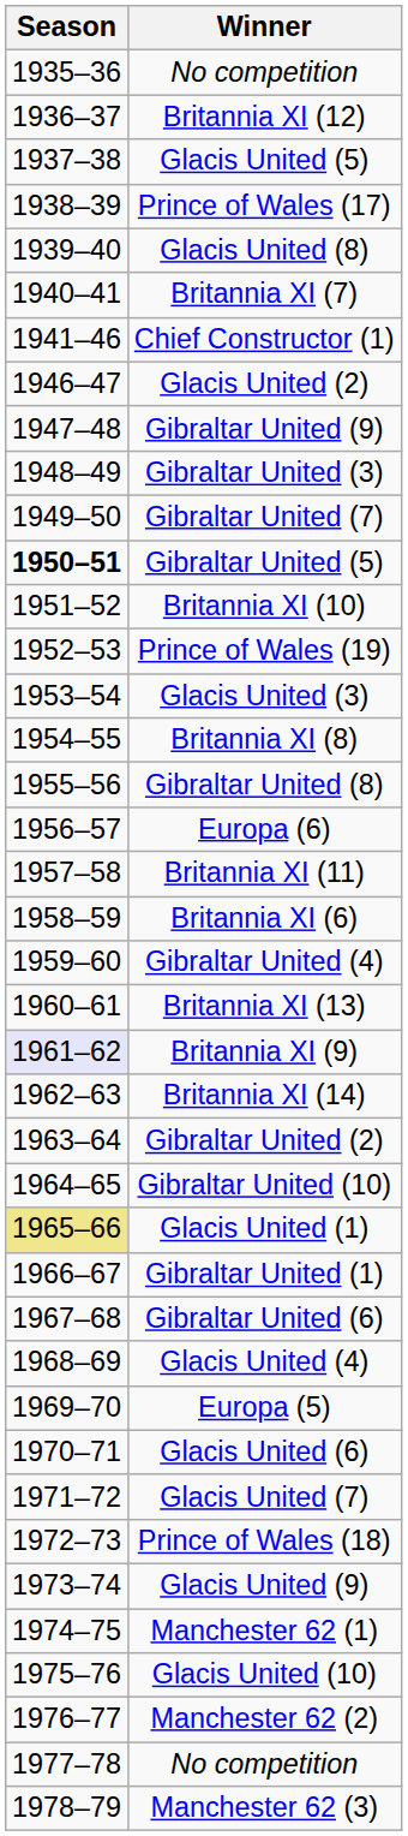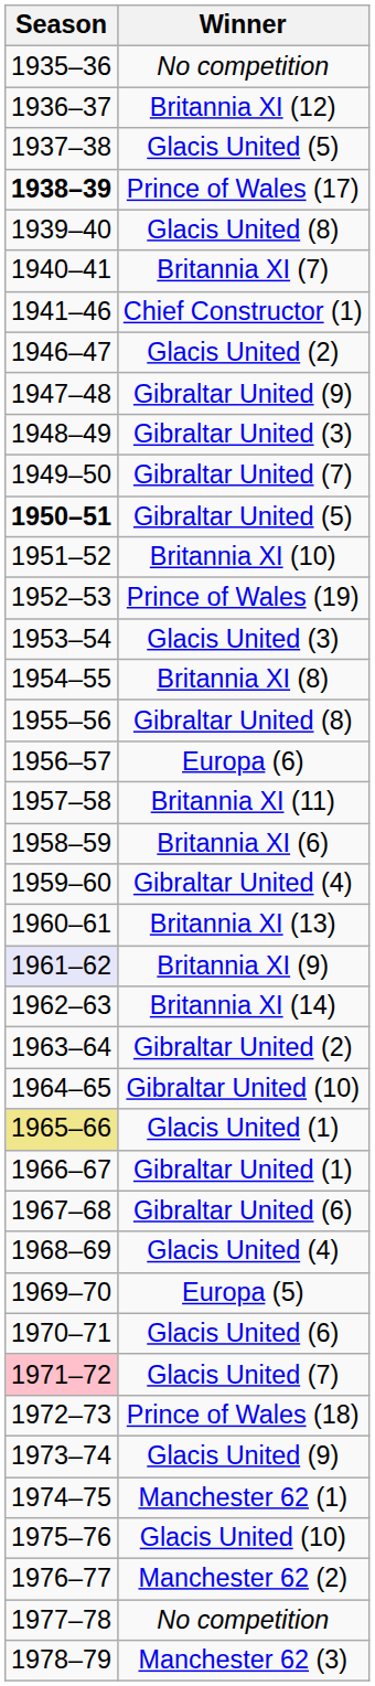 <table class="wikitable sortable" style="text-align:center;">
 <tr>
 <th>Season</th>
 <th>Winner</th>
 </tr>
 <tr>
 <td>1935–36</td>
 <td><em>No competition</em></td>
 </tr>
 <tr>
 <td>1936–37</td>
 <td><a href='#'>Britannia XI</a> (12)</td>
 </tr>
 <tr>
 <td>1937–38</td>
 <td><a href='#'>Glacis United</a> (5)</td>
 </tr>
 <tr>
-<td>1938–39</td>
+<td><strong>1938–39</strong></td>
 <td><a href='#'>Prince of Wales</a> (17)</td>
 </tr>
 <tr>
 <td>1939–40</td>
 <td><a href='#'>Glacis United</a> (8)</td>
 </tr>
 <tr>
 <td>1940–41</td>
 <td><a href='#'>Britannia XI</a> (7)</td>
 </tr>
 <tr>
 <td>1941–46</td>
 <td><a href='#'>Chief Constructor</a> (1)</td>
 </tr>
 <tr>
 <td>1946–47</td>
 <td><a href='#'>Glacis United</a> (2)</td>
 </tr>
 <tr>
 <td>1947–48</td>
 <td><a href='#'>Gibraltar United</a> (9)</td>
 </tr>
 <tr>
 <td>1948–49</td>
 <td><a href='#'>Gibraltar United</a> (3)</td>
 </tr>
 <tr>
 <td>1949–50</td>
 <td><a href='#'>Gibraltar United</a> (7)</td>
 </tr>
 <tr>
 <td><strong>1950–51</strong></td>
 <td><a href='#'>Gibraltar United</a> (5)</td>
 </tr>
 <tr>
 <td>1951–52</td>
 <td><a href='#'>Britannia XI</a> (10)</td>
 </tr>
 <tr>
 <td>1952–53</td>
 <td><a href='#'>Prince of Wales</a> (19)</td>
 </tr>
 <tr>
 <td>1953–54</td>
 <td><a href='#'>Glacis United</a> (3)</td>
 </tr>
 <tr>
 <td>1954–55</td>
 <td><a href='#'>Britannia XI</a> (8)</td>
 </tr>
 <tr>
 <td>1955–56</td>
 <td><a href='#'>Gibraltar United</a> (8)</td>
 </tr>
 <tr>
 <td>1956–57</td>
 <td><a href='#'>Europa</a> (6)</td>
 </tr>
 <tr>
 <td>1957–58</td>
 <td><a href='#'>Britannia XI</a> (11)</td>
 </tr>
 <tr>
 <td>1958–59</td>
 <td><a href='#'>Britannia XI</a> (6)</td>
 </tr>
 <tr>
 <td>1959–60</td>
 <td><a href='#'>Gibraltar United</a> (4)</td>
 </tr>
 <tr>
 <td>1960–61</td>
 <td><a href='#'>Britannia XI</a> (13)</td>
 </tr>
 <tr>
 <td style="background: lavender;">1961–62</td>
 <td><a href='#'>Britannia XI</a> (9)</td>
 </tr>
 <tr>
 <td>1962–63</td>
 <td><a href='#'>Britannia XI</a> (14)</td>
 </tr>
 <tr>
 <td>1963–64</td>
 <td><a href='#'>Gibraltar United</a> (2)</td>
 </tr>
 <tr>
 <td>1964–65</td>
 <td><a href='#'>Gibraltar United</a> (10)</td>
 </tr>
 <tr>
 <td style="background: khaki;">1965–66</td>
 <td><a href='#'>Glacis United</a> (1)</td>
 </tr>
 <tr>
 <td>1966–67</td>
 <td><a href='#'>Gibraltar United</a> (1)</td>
 </tr>
 <tr>
 <td>1967–68</td>
 <td><a href='#'>Gibraltar United</a> (6)</td>
 </tr>
 <tr>
 <td>1968–69</td>
 <td><a href='#'>Glacis United</a> (4)</td>
 </tr>
 <tr>
 <td>1969–70</td>
 <td><a href='#'>Europa</a> (5)</td>
 </tr>
 <tr>
 <td>1970–71</td>
 <td><a href='#'>Glacis United</a> (6)</td>
 </tr>
 <tr>
-<td>1971–72</td>
+<td style="background: pink;">1971–72</td>
 <td><a href='#'>Glacis United</a> (7)</td>
 </tr>
 <tr>
 <td>1972–73</td>
 <td><a href='#'>Prince of Wales</a> (18)</td>
 </tr>
 <tr>
 <td>1973–74</td>
 <td><a href='#'>Glacis United</a> (9)</td>
 </tr>
 <tr>
 <td>1974–75</td>
 <td><a href='#'>Manchester 62</a> (1)</td>
 </tr>
 <tr>
 <td>1975–76</td>
 <td><a href='#'>Glacis United</a> (10)</td>
 </tr>
 <tr>
 <td>1976–77</td>
 <td><a href='#'>Manchester 62</a> (2)</td>
 </tr>
 <tr>
 <td>1977–78</td>
 <td><em>No competition</em></td>
 </tr>
 <tr>
 <td>1978–79</td>
 <td><a href='#'>Manchester 62</a> (3)</td>
 </tr>
 </table>
